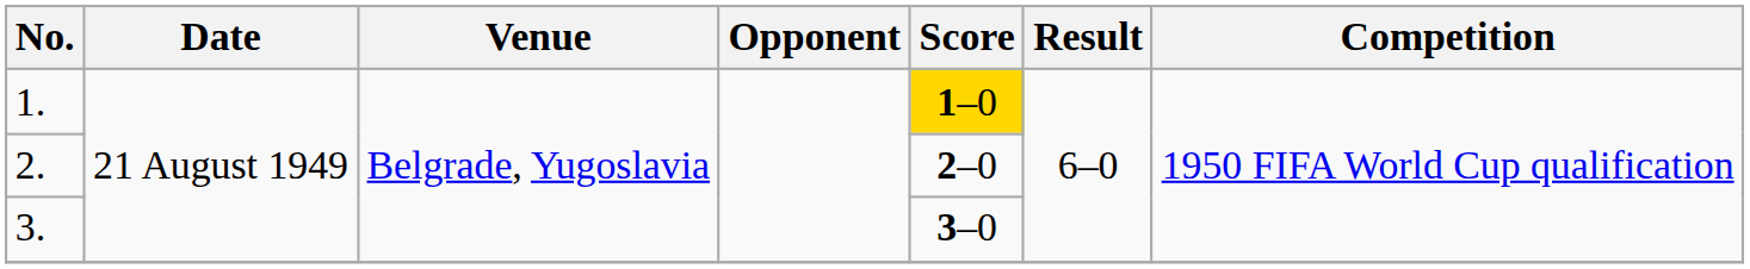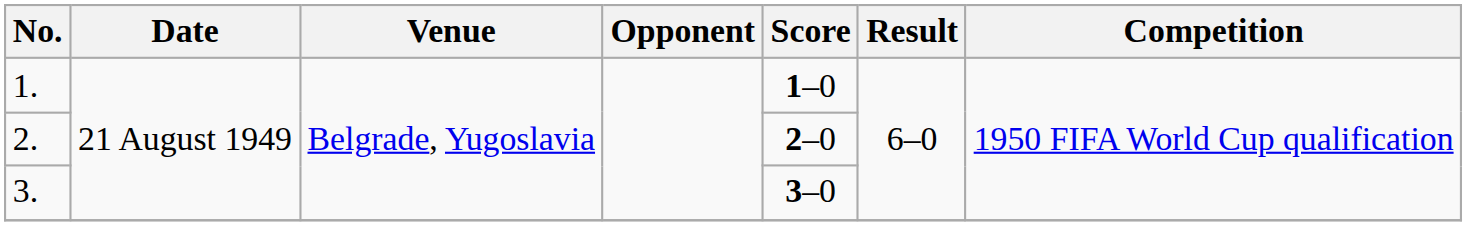 <table class="wikitable">
 <tr>
 <th>No.</th>
 <th>Date</th>
 <th>Venue</th>
 <th>Opponent</th>
 <th>Score</th>
 <th>Result</th>
 <th>Competition</th>
 </tr>
 <tr>
 <td>1.</td>
 <td rowspan=3>21 August 1949</td>
 <td rowspan=3><a href='#'>Belgrade</a>, <a href='#'>Yugoslavia</a></td>
 <td rowspan=3></td>
-<td align=center style="background: gold;"><strong>1</strong>–0</td>
+<td align=center><strong>1</strong>–0</td>
 <td rowspan=3 align=center>6–0</td>
 <td rowspan=3><a href='#'>1950 FIFA World Cup qualification</a></td>
 </tr>
 <tr>
 <td>2.</td>
 <td align=center><strong>2</strong>–0</td>
 </tr>
 <tr>
 <td>3.</td>
 <td align=center><strong>3</strong>–0</td>
 </tr>
 <tr>
 </tr>
 </table>
